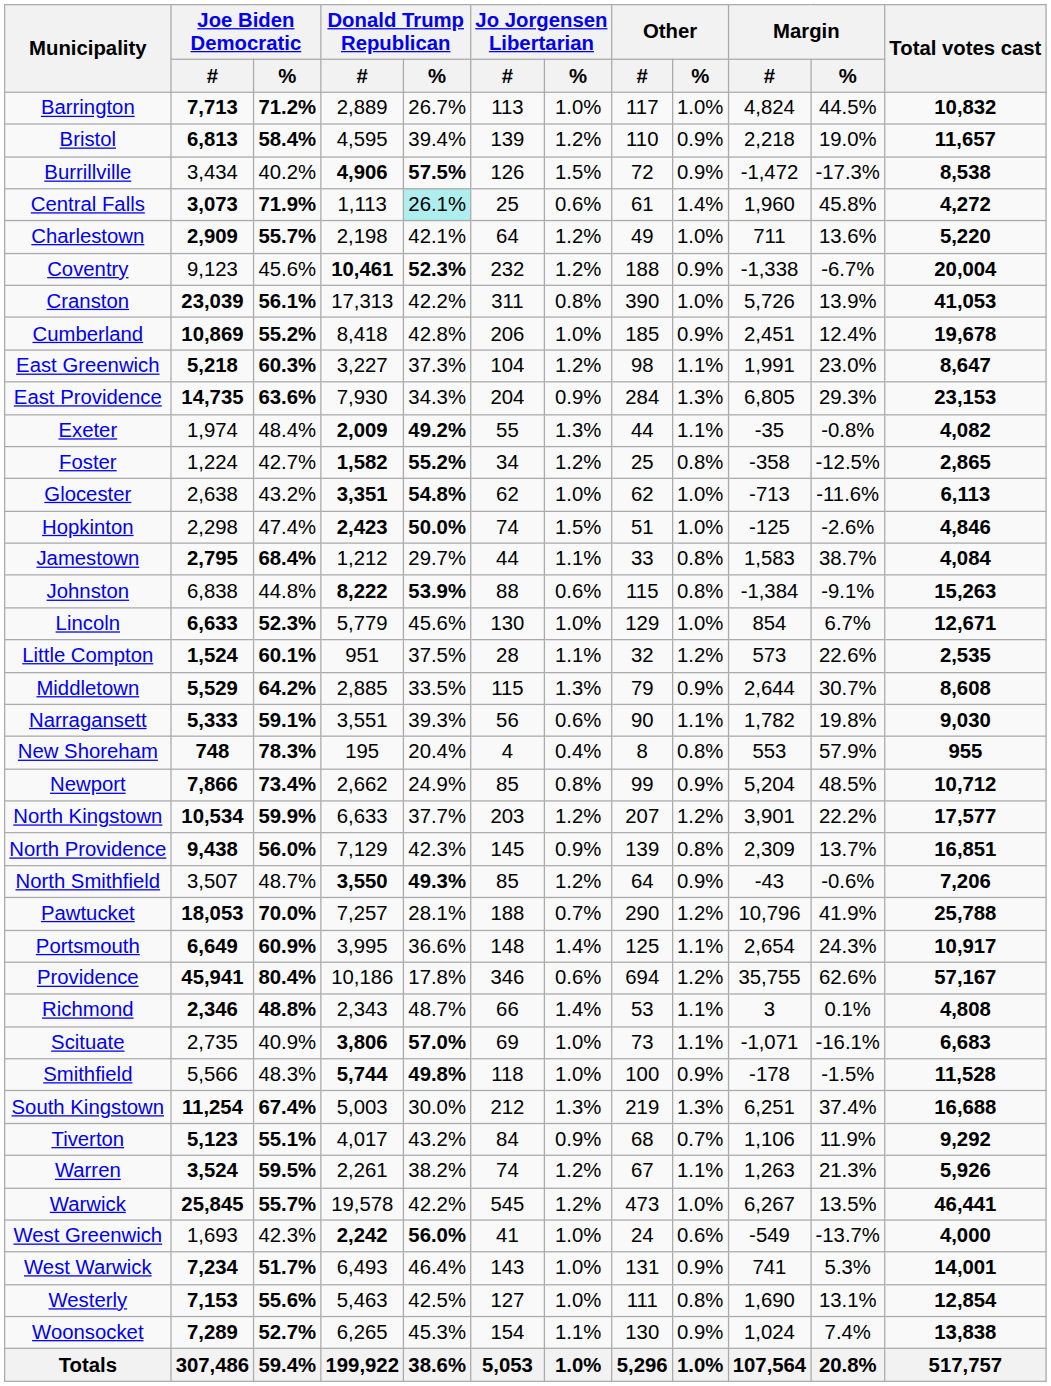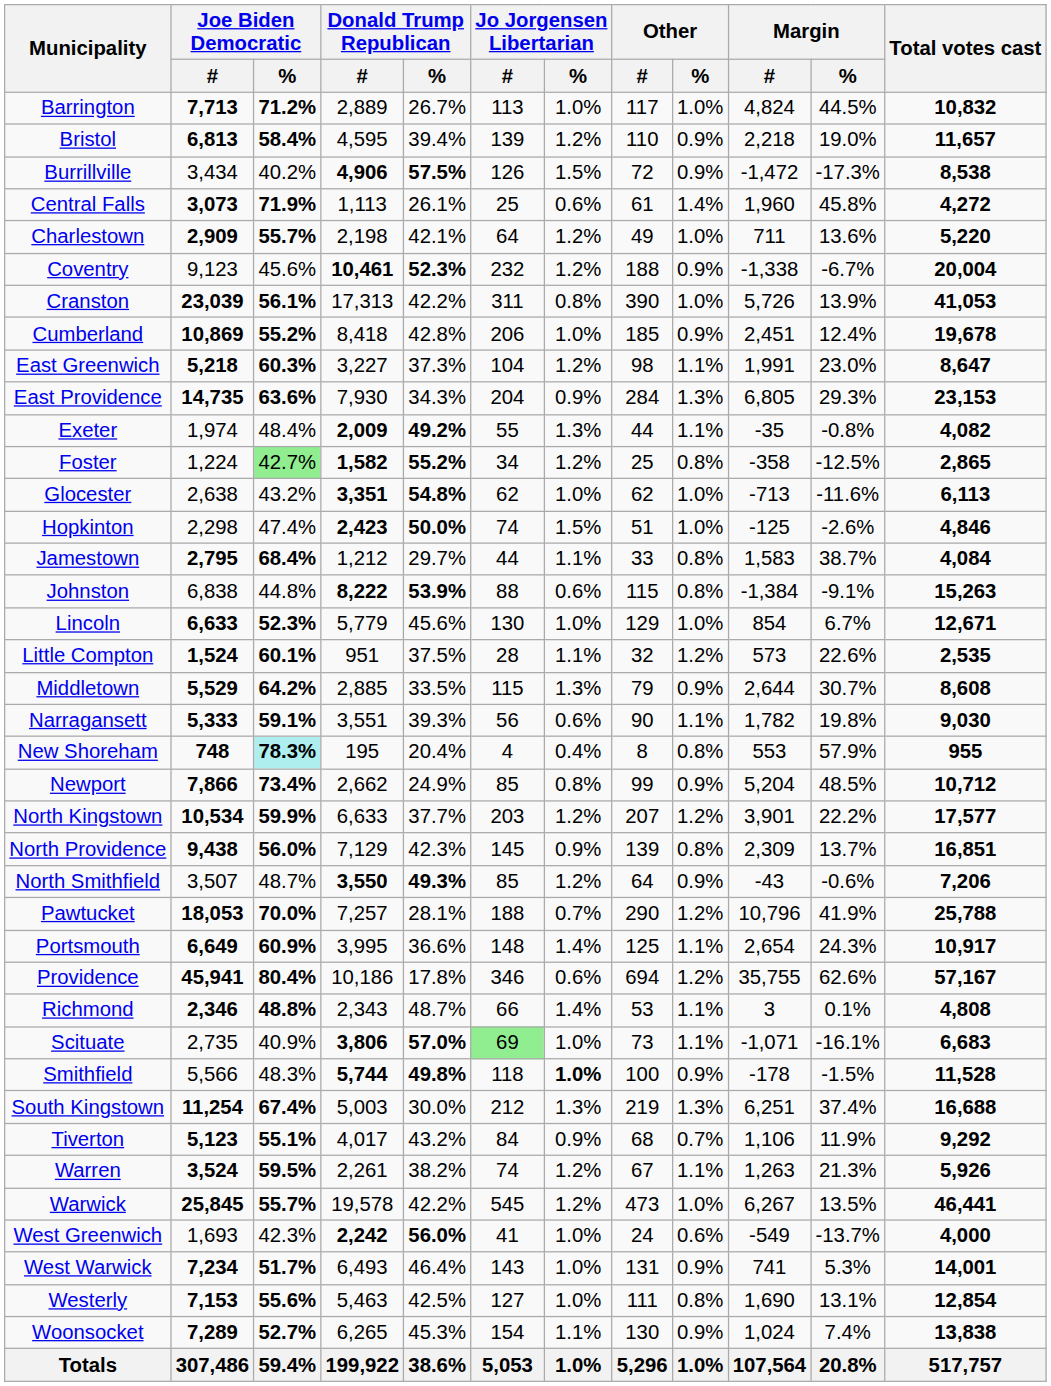 <table class="wikitable sortable">
 <tr>
 <th rowspan="2">Municipality</th>
 <th colspan="2"><a href='#'>Joe Biden</a><br><a href='#'>Democratic</a></th>
 <th colspan="2"><a href='#'>Donald Trump</a><br><a href='#'>Republican</a></th>
 <th colspan="2"><a href='#'>Jo Jorgensen</a><br><a href='#'>Libertarian</a></th>
 <th colspan="2">Other</th>
 <th colspan="2">Margin</th>
 <th rowspan="2">Total votes cast</th>
 </tr>
 <tr>
 <th data-sort-type="number" style="text-align:center;">#</th>
 <th data-sort-type="number" style="text-align:center;">%</th>
 <th data-sort-type="number" style="text-align:center;">#</th>
 <th data-sort-type="number" style="text-align:center;">%</th>
 <th data-sort-type="number" style="text-align:center;">#</th>
 <th data-sort-type="number" style="text-align:center;">%</th>
 <th data-sort-type="number" style="text-align:center;">#</th>
 <th data-sort-type="number" style="text-align:center;">%</th>
 <th data-sort-type="number" style="text-align:center;">#</th>
 <th data-sort-type="number" style="text-align:center;">%</th>
 </tr>
 <tr style="text-align:center;">
 <td><a href='#'>Barrington</a></td>
 <td><strong>7,713</strong></td>
 <td><strong>71.2%</strong></td>
 <td>2,889</td>
 <td>26.7%</td>
 <td>113</td>
 <td>1.0%</td>
 <td>117</td>
 <td>1.0%</td>
 <td>4,824</td>
 <td>44.5%</td>
 <td><strong>10,832</strong></td>
 </tr>
 <tr style="text-align:center;">
 <td><a href='#'>Bristol</a></td>
 <td><strong>6,813</strong></td>
 <td><strong>58.4%</strong></td>
 <td>4,595</td>
 <td>39.4%</td>
 <td>139</td>
 <td>1.2%</td>
 <td>110</td>
 <td>0.9%</td>
 <td>2,218</td>
 <td>19.0%</td>
 <td><strong>11,657</strong></td>
 </tr>
 <tr style="text-align:center;">
 <td><a href='#'>Burrillville</a></td>
 <td>3,434</td>
 <td>40.2%</td>
 <td><strong>4,906</strong></td>
 <td><strong>57.5%</strong></td>
 <td>126</td>
 <td>1.5%</td>
 <td>72</td>
 <td>0.9%</td>
 <td>-1,472</td>
 <td>-17.3%</td>
 <td><strong>8,538</strong></td>
 </tr>
 <tr style="text-align:center;">
 <td><a href='#'>Central Falls</a></td>
 <td><strong>3,073</strong></td>
 <td><strong>71.9%</strong></td>
 <td>1,113</td>
-<td style="background: paleturquoise;">26.1%</td>
+<td>26.1%</td>
 <td>25</td>
 <td>0.6%</td>
 <td>61</td>
 <td>1.4%</td>
 <td>1,960</td>
 <td>45.8%</td>
 <td><strong>4,272</strong></td>
 </tr>
 <tr style="text-align:center;">
 <td><a href='#'>Charlestown</a></td>
 <td><strong>2,909</strong></td>
 <td><strong>55.7%</strong></td>
 <td>2,198</td>
 <td>42.1%</td>
 <td>64</td>
 <td>1.2%</td>
 <td>49</td>
 <td>1.0%</td>
 <td>711</td>
 <td>13.6%</td>
 <td><strong>5,220</strong></td>
 </tr>
 <tr style="text-align:center;">
 <td><a href='#'>Coventry</a></td>
 <td>9,123</td>
 <td>45.6%</td>
 <td><strong>10,461</strong></td>
 <td><strong>52.3%</strong></td>
 <td>232</td>
 <td>1.2%</td>
 <td>188</td>
 <td>0.9%</td>
 <td>-1,338</td>
 <td>-6.7%</td>
 <td><strong>20,004</strong></td>
 </tr>
 <tr style="text-align:center;">
 <td><a href='#'>Cranston</a></td>
 <td><strong>23,039</strong></td>
 <td><strong>56.1%</strong></td>
 <td>17,313</td>
 <td>42.2%</td>
 <td>311</td>
 <td>0.8%</td>
 <td>390</td>
 <td>1.0%</td>
 <td>5,726</td>
 <td>13.9%</td>
 <td><strong>41,053</strong></td>
 </tr>
 <tr style="text-align:center;">
 <td><a href='#'>Cumberland</a></td>
 <td><strong>10,869</strong></td>
 <td><strong>55.2%</strong></td>
 <td>8,418</td>
 <td>42.8%</td>
 <td>206</td>
 <td>1.0%</td>
 <td>185</td>
 <td>0.9%</td>
 <td>2,451</td>
 <td>12.4%</td>
 <td><strong>19,678</strong></td>
 </tr>
 <tr style="text-align:center;">
 <td><a href='#'>East Greenwich</a></td>
 <td><strong>5,218</strong></td>
 <td><strong>60.3%</strong></td>
 <td>3,227</td>
 <td>37.3%</td>
 <td>104</td>
 <td>1.2%</td>
 <td>98</td>
 <td>1.1%</td>
 <td>1,991</td>
 <td>23.0%</td>
 <td><strong>8,647</strong></td>
 </tr>
 <tr style="text-align:center;">
 <td><a href='#'>East Providence</a></td>
 <td><strong>14,735</strong></td>
 <td><strong>63.6%</strong></td>
 <td>7,930</td>
 <td>34.3%</td>
 <td>204</td>
 <td>0.9%</td>
 <td>284</td>
 <td>1.3%</td>
 <td>6,805</td>
 <td>29.3%</td>
 <td><strong>23,153</strong></td>
 </tr>
 <tr style="text-align:center;">
 <td><a href='#'>Exeter</a></td>
 <td>1,974</td>
 <td>48.4%</td>
 <td><strong>2,009</strong></td>
 <td><strong>49.2%</strong></td>
 <td>55</td>
 <td>1.3%</td>
 <td>44</td>
 <td>1.1%</td>
 <td>-35</td>
 <td>-0.8%</td>
 <td><strong>4,082</strong></td>
 </tr>
 <tr style="text-align:center;">
 <td><a href='#'>Foster</a></td>
 <td>1,224</td>
-<td>42.7%</td>
+<td style="background: lightgreen;">42.7%</td>
 <td><strong>1,582</strong></td>
 <td><strong>55.2%</strong></td>
 <td>34</td>
 <td>1.2%</td>
 <td>25</td>
 <td>0.8%</td>
 <td>-358</td>
 <td>-12.5%</td>
 <td><strong>2,865</strong></td>
 </tr>
 <tr style="text-align:center;">
 <td><a href='#'>Glocester</a></td>
 <td>2,638</td>
 <td>43.2%</td>
 <td><strong>3,351</strong></td>
 <td><strong>54.8%</strong></td>
 <td>62</td>
 <td>1.0%</td>
 <td>62</td>
 <td>1.0%</td>
 <td>-713</td>
 <td>-11.6%</td>
 <td><strong>6,113</strong></td>
 </tr>
 <tr style="text-align:center;">
 <td><a href='#'>Hopkinton</a></td>
 <td>2,298</td>
 <td>47.4%</td>
 <td><strong>2,423</strong></td>
 <td><strong>50.0%</strong></td>
 <td>74</td>
 <td>1.5%</td>
 <td>51</td>
 <td>1.0%</td>
 <td>-125</td>
 <td>-2.6%</td>
 <td><strong>4,846</strong></td>
 </tr>
 <tr style="text-align:center;">
 <td><a href='#'>Jamestown</a></td>
 <td><strong>2,795</strong></td>
 <td><strong>68.4%</strong></td>
 <td>1,212</td>
 <td>29.7%</td>
 <td>44</td>
 <td>1.1%</td>
 <td>33</td>
 <td>0.8%</td>
 <td>1,583</td>
 <td>38.7%</td>
 <td><strong>4,084</strong></td>
 </tr>
 <tr style="text-align:center;">
 <td><a href='#'>Johnston</a></td>
 <td>6,838</td>
 <td>44.8%</td>
 <td><strong>8,222</strong></td>
 <td><strong>53.9%</strong></td>
 <td>88</td>
 <td>0.6%</td>
 <td>115</td>
 <td>0.8%</td>
 <td>-1,384</td>
 <td>-9.1%</td>
 <td><strong>15,263</strong></td>
 </tr>
 <tr style="text-align:center;">
 <td><a href='#'>Lincoln</a></td>
 <td><strong>6,633</strong></td>
 <td><strong>52.3%</strong></td>
 <td>5,779</td>
 <td>45.6%</td>
 <td>130</td>
 <td>1.0%</td>
 <td>129</td>
 <td>1.0%</td>
 <td>854</td>
 <td>6.7%</td>
 <td><strong>12,671</strong></td>
 </tr>
 <tr style="text-align:center;">
 <td><a href='#'>Little Compton</a></td>
 <td><strong>1,524</strong></td>
 <td><strong>60.1%</strong></td>
 <td>951</td>
 <td>37.5%</td>
 <td>28</td>
 <td>1.1%</td>
 <td>32</td>
 <td>1.2%</td>
 <td>573</td>
 <td>22.6%</td>
 <td><strong>2,535</strong></td>
 </tr>
 <tr style="text-align:center;">
 <td><a href='#'>Middletown</a></td>
 <td><strong>5,529</strong></td>
 <td><strong>64.2%</strong></td>
 <td>2,885</td>
 <td>33.5%</td>
 <td>115</td>
 <td>1.3%</td>
 <td>79</td>
 <td>0.9%</td>
 <td>2,644</td>
 <td>30.7%</td>
 <td><strong>8,608</strong></td>
 </tr>
 <tr style="text-align:center;">
 <td><a href='#'>Narragansett</a></td>
 <td><strong>5,333</strong></td>
 <td><strong>59.1%</strong></td>
 <td>3,551</td>
 <td>39.3%</td>
 <td>56</td>
 <td>0.6%</td>
 <td>90</td>
 <td>1.1%</td>
 <td>1,782</td>
 <td>19.8%</td>
 <td><strong>9,030</strong></td>
 </tr>
 <tr style="text-align:center;">
 <td><a href='#'>New Shoreham</a></td>
 <td><strong>748</strong></td>
-<td><strong>78.3%</strong></td>
+<td style="background: paleturquoise;"><strong>78.3%</strong></td>
 <td>195</td>
 <td>20.4%</td>
 <td>4</td>
 <td>0.4%</td>
 <td>8</td>
 <td>0.8%</td>
 <td>553</td>
 <td>57.9%</td>
 <td><strong>955</strong></td>
 </tr>
 <tr style="text-align:center;">
 <td><a href='#'>Newport</a></td>
 <td><strong>7,866</strong></td>
 <td><strong>73.4%</strong></td>
 <td>2,662</td>
 <td>24.9%</td>
 <td>85</td>
 <td>0.8%</td>
 <td>99</td>
 <td>0.9%</td>
 <td>5,204</td>
 <td>48.5%</td>
 <td><strong>10,712</strong></td>
 </tr>
 <tr style="text-align:center;">
 <td><a href='#'>North Kingstown</a></td>
 <td><strong>10,534</strong></td>
 <td><strong>59.9%</strong></td>
 <td>6,633</td>
 <td>37.7%</td>
 <td>203</td>
 <td>1.2%</td>
 <td>207</td>
 <td>1.2%</td>
 <td>3,901</td>
 <td>22.2%</td>
 <td><strong>17,577</strong></td>
 </tr>
 <tr style="text-align:center;">
 <td><a href='#'>North Providence</a></td>
 <td><strong>9,438</strong></td>
 <td><strong>56.0%</strong></td>
 <td>7,129</td>
 <td>42.3%</td>
 <td>145</td>
 <td>0.9%</td>
 <td>139</td>
 <td>0.8%</td>
 <td>2,309</td>
 <td>13.7%</td>
 <td><strong>16,851</strong></td>
 </tr>
 <tr style="text-align:center;">
 <td><a href='#'>North Smithfield</a></td>
 <td>3,507</td>
 <td>48.7%</td>
 <td><strong>3,550</strong></td>
 <td><strong>49.3%</strong></td>
 <td>85</td>
 <td>1.2%</td>
 <td>64</td>
 <td>0.9%</td>
 <td>-43</td>
 <td>-0.6%</td>
 <td><strong>7,206</strong></td>
 </tr>
 <tr style="text-align:center;">
 <td><a href='#'>Pawtucket</a></td>
 <td><strong>18,053</strong></td>
 <td><strong>70.0%</strong></td>
 <td>7,257</td>
 <td>28.1%</td>
 <td>188</td>
 <td>0.7%</td>
 <td>290</td>
 <td>1.2%</td>
 <td>10,796</td>
 <td>41.9%</td>
 <td><strong>25,788</strong></td>
 </tr>
 <tr style="text-align:center;">
 <td><a href='#'>Portsmouth</a></td>
 <td><strong>6,649</strong></td>
 <td><strong>60.9%</strong></td>
 <td>3,995</td>
 <td>36.6%</td>
 <td>148</td>
 <td>1.4%</td>
 <td>125</td>
 <td>1.1%</td>
 <td>2,654</td>
 <td>24.3%</td>
 <td><strong>10,917</strong></td>
 </tr>
 <tr style="text-align:center;">
 <td><a href='#'>Providence</a></td>
 <td><strong>45,941</strong></td>
 <td><strong>80.4%</strong></td>
 <td>10,186</td>
 <td>17.8%</td>
 <td>346</td>
 <td>0.6%</td>
 <td>694</td>
 <td>1.2%</td>
 <td>35,755</td>
 <td>62.6%</td>
 <td><strong>57,167</strong></td>
 </tr>
 <tr style="text-align:center;">
 <td><a href='#'>Richmond</a></td>
 <td><strong>2,346</strong></td>
 <td><strong>48.8%</strong></td>
 <td>2,343</td>
 <td>48.7%</td>
 <td>66</td>
 <td>1.4%</td>
 <td>53</td>
 <td>1.1%</td>
 <td>3</td>
 <td>0.1%</td>
 <td><strong>4,808</strong></td>
 </tr>
 <tr - style="text-align:center;">
 <td><a href='#'>Scituate</a></td>
 <td>2,735</td>
 <td>40.9%</td>
 <td><strong>3,806</strong></td>
 <td><strong>57.0%</strong></td>
-<td>69</td>
+<td style="background: lightgreen;">69</td>
 <td>1.0%</td>
 <td>73</td>
 <td>1.1%</td>
 <td>-1,071</td>
 <td>-16.1%</td>
 <td><strong>6,683</strong></td>
 </tr>
 <tr - style="text-align:center;">
 <td><a href='#'>Smithfield</a></td>
 <td>5,566</td>
 <td>48.3%</td>
 <td><strong>5,744</strong></td>
 <td><strong>49.8%</strong></td>
 <td>118</td>
-<td>1.0%</td>
+<td><strong>1.0%</strong></td>
 <td>100</td>
 <td>0.9%</td>
 <td>-178</td>
 <td>-1.5%</td>
 <td><strong>11,528</strong></td>
 </tr>
 <tr - style="text-align:center;">
 <td><a href='#'>South Kingstown</a></td>
 <td><strong>11,254</strong></td>
 <td><strong>67.4%</strong></td>
 <td>5,003</td>
 <td>30.0%</td>
 <td>212</td>
 <td>1.3%</td>
 <td>219</td>
 <td>1.3%</td>
 <td>6,251</td>
 <td>37.4%</td>
 <td><strong>16,688</strong></td>
 </tr>
 <tr - style="text-align:center;">
 <td><a href='#'>Tiverton</a></td>
 <td><strong>5,123</strong></td>
 <td><strong>55.1%</strong></td>
 <td>4,017</td>
 <td>43.2%</td>
 <td>84</td>
 <td>0.9%</td>
 <td>68</td>
 <td>0.7%</td>
 <td>1,106</td>
 <td>11.9%</td>
 <td><strong>9,292</strong></td>
 </tr>
 <tr - style="text-align:center;">
 <td><a href='#'>Warren</a></td>
 <td><strong>3,524</strong></td>
 <td><strong>59.5%</strong></td>
 <td>2,261</td>
 <td>38.2%</td>
 <td>74</td>
 <td>1.2%</td>
 <td>67</td>
 <td>1.1%</td>
 <td>1,263</td>
 <td>21.3%</td>
 <td><strong>5,926</strong></td>
 </tr>
 <tr - style="text-align:center;">
 <td><a href='#'>Warwick</a></td>
 <td><strong>25,845</strong></td>
 <td><strong>55.7%</strong></td>
 <td>19,578</td>
 <td>42.2%</td>
 <td>545</td>
 <td>1.2%</td>
 <td>473</td>
 <td>1.0%</td>
 <td>6,267</td>
 <td>13.5%</td>
 <td><strong>46,441</strong></td>
 </tr>
 <tr - style="text-align:center;">
 <td><a href='#'>West Greenwich</a></td>
 <td>1,693</td>
 <td>42.3%</td>
 <td><strong>2,242</strong></td>
 <td><strong>56.0%</strong></td>
 <td>41</td>
 <td>1.0%</td>
 <td>24</td>
 <td>0.6%</td>
 <td>-549</td>
 <td>-13.7%</td>
 <td><strong>4,000</strong></td>
 </tr>
 <tr - style="text-align:center;">
 <td><a href='#'>West Warwick</a></td>
 <td><strong>7,234</strong></td>
 <td><strong>51.7%</strong></td>
 <td>6,493</td>
 <td>46.4%</td>
 <td>143</td>
 <td>1.0%</td>
 <td>131</td>
 <td>0.9%</td>
 <td>741</td>
 <td>5.3%</td>
 <td><strong>14,001</strong></td>
 </tr>
 <tr - style="text-align:center;">
 <td><a href='#'>Westerly</a></td>
 <td><strong>7,153</strong></td>
 <td><strong>55.6%</strong></td>
 <td>5,463</td>
 <td>42.5%</td>
 <td>127</td>
 <td>1.0%</td>
 <td>111</td>
 <td>0.8%</td>
 <td>1,690</td>
 <td>13.1%</td>
 <td><strong>12,854</strong></td>
 </tr>
 <tr - style="text-align:center;">
 <td><a href='#'>Woonsocket</a></td>
 <td><strong>7,289</strong></td>
 <td><strong>52.7%</strong></td>
 <td>6,265</td>
 <td>45.3%</td>
 <td>154</td>
 <td>1.1%</td>
 <td>130</td>
 <td>0.9%</td>
 <td>1,024</td>
 <td>7.4%</td>
 <td><strong>13,838</strong></td>
 </tr>
 <tr style="text-align:center;">
 <th>Totals</th>
 <th>307,486</th>
 <th>59.4%</th>
 <th>199,922</th>
 <th>38.6%</th>
 <th>5,053</th>
 <th>1.0%</th>
 <th>5,296</th>
 <th>1.0%</th>
 <th>107,564</th>
 <th>20.8%</th>
 <th>517,757</th>
 </tr>
 </table>
